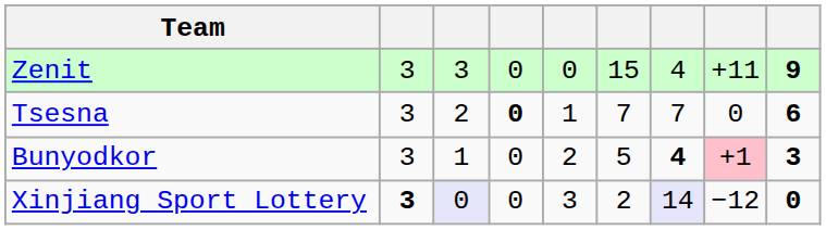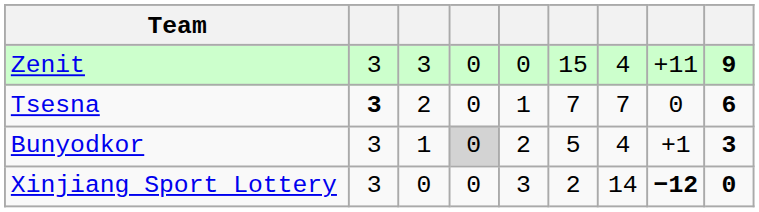 <table class="wikitable" style="text-align:center;">
 <tr>
 <th width=175>Team</th>
 <th width=20></th>
 <th width=20></th>
 <th width=20></th>
 <th width=20></th>
 <th width=20></th>
 <th width=20></th>
 <th width=20></th>
 <th width=20></th>
 </tr>
 <tr bgcolor=ccffcc>
 <td align="left"> <a href='#'>Zenit</a></td>
 <td>3</td>
 <td>3</td>
 <td>0</td>
 <td>0</td>
 <td>15</td>
 <td>4</td>
 <td>+11</td>
 <td><strong>9</strong></td>
 </tr>
 <tr>
 <td align="left"> <a href='#'>Tsesna</a></td>
-<td>3</td>
+<td><strong>3</strong></td>
 <td>2</td>
-<td><strong>0</strong></td>
+<td>0</td>
 <td>1</td>
 <td>7</td>
 <td>7</td>
 <td>0</td>
 <td><strong>6</strong></td>
 </tr>
 <tr>
 <td align="left"> <a href='#'>Bunyodkor</a></td>
 <td>3</td>
 <td>1</td>
-<td>0</td>
+<td style="background: lightgrey;">0</td>
 <td>2</td>
 <td>5</td>
-<td><strong>4</strong></td>
-<td style="background: pink;">+1</td>
+<td>4</td>
+<td>+1</td>
 <td><strong>3</strong></td>
 </tr>
 <tr>
 <td align="left"> <a href='#'>Xinjiang Sport Lottery</a></td>
-<td><strong>3</strong></td>
-<td style="background: lavender;">0</td>
+<td>3</td>
+<td>0</td>
 <td>0</td>
 <td>3</td>
 <td>2</td>
-<td style="background: lavender;">14</td>
-<td>−12</td>
+<td>14</td>
+<td><strong>−12</strong></td>
 <td><strong>0</strong></td>
 </tr>
 </table>
